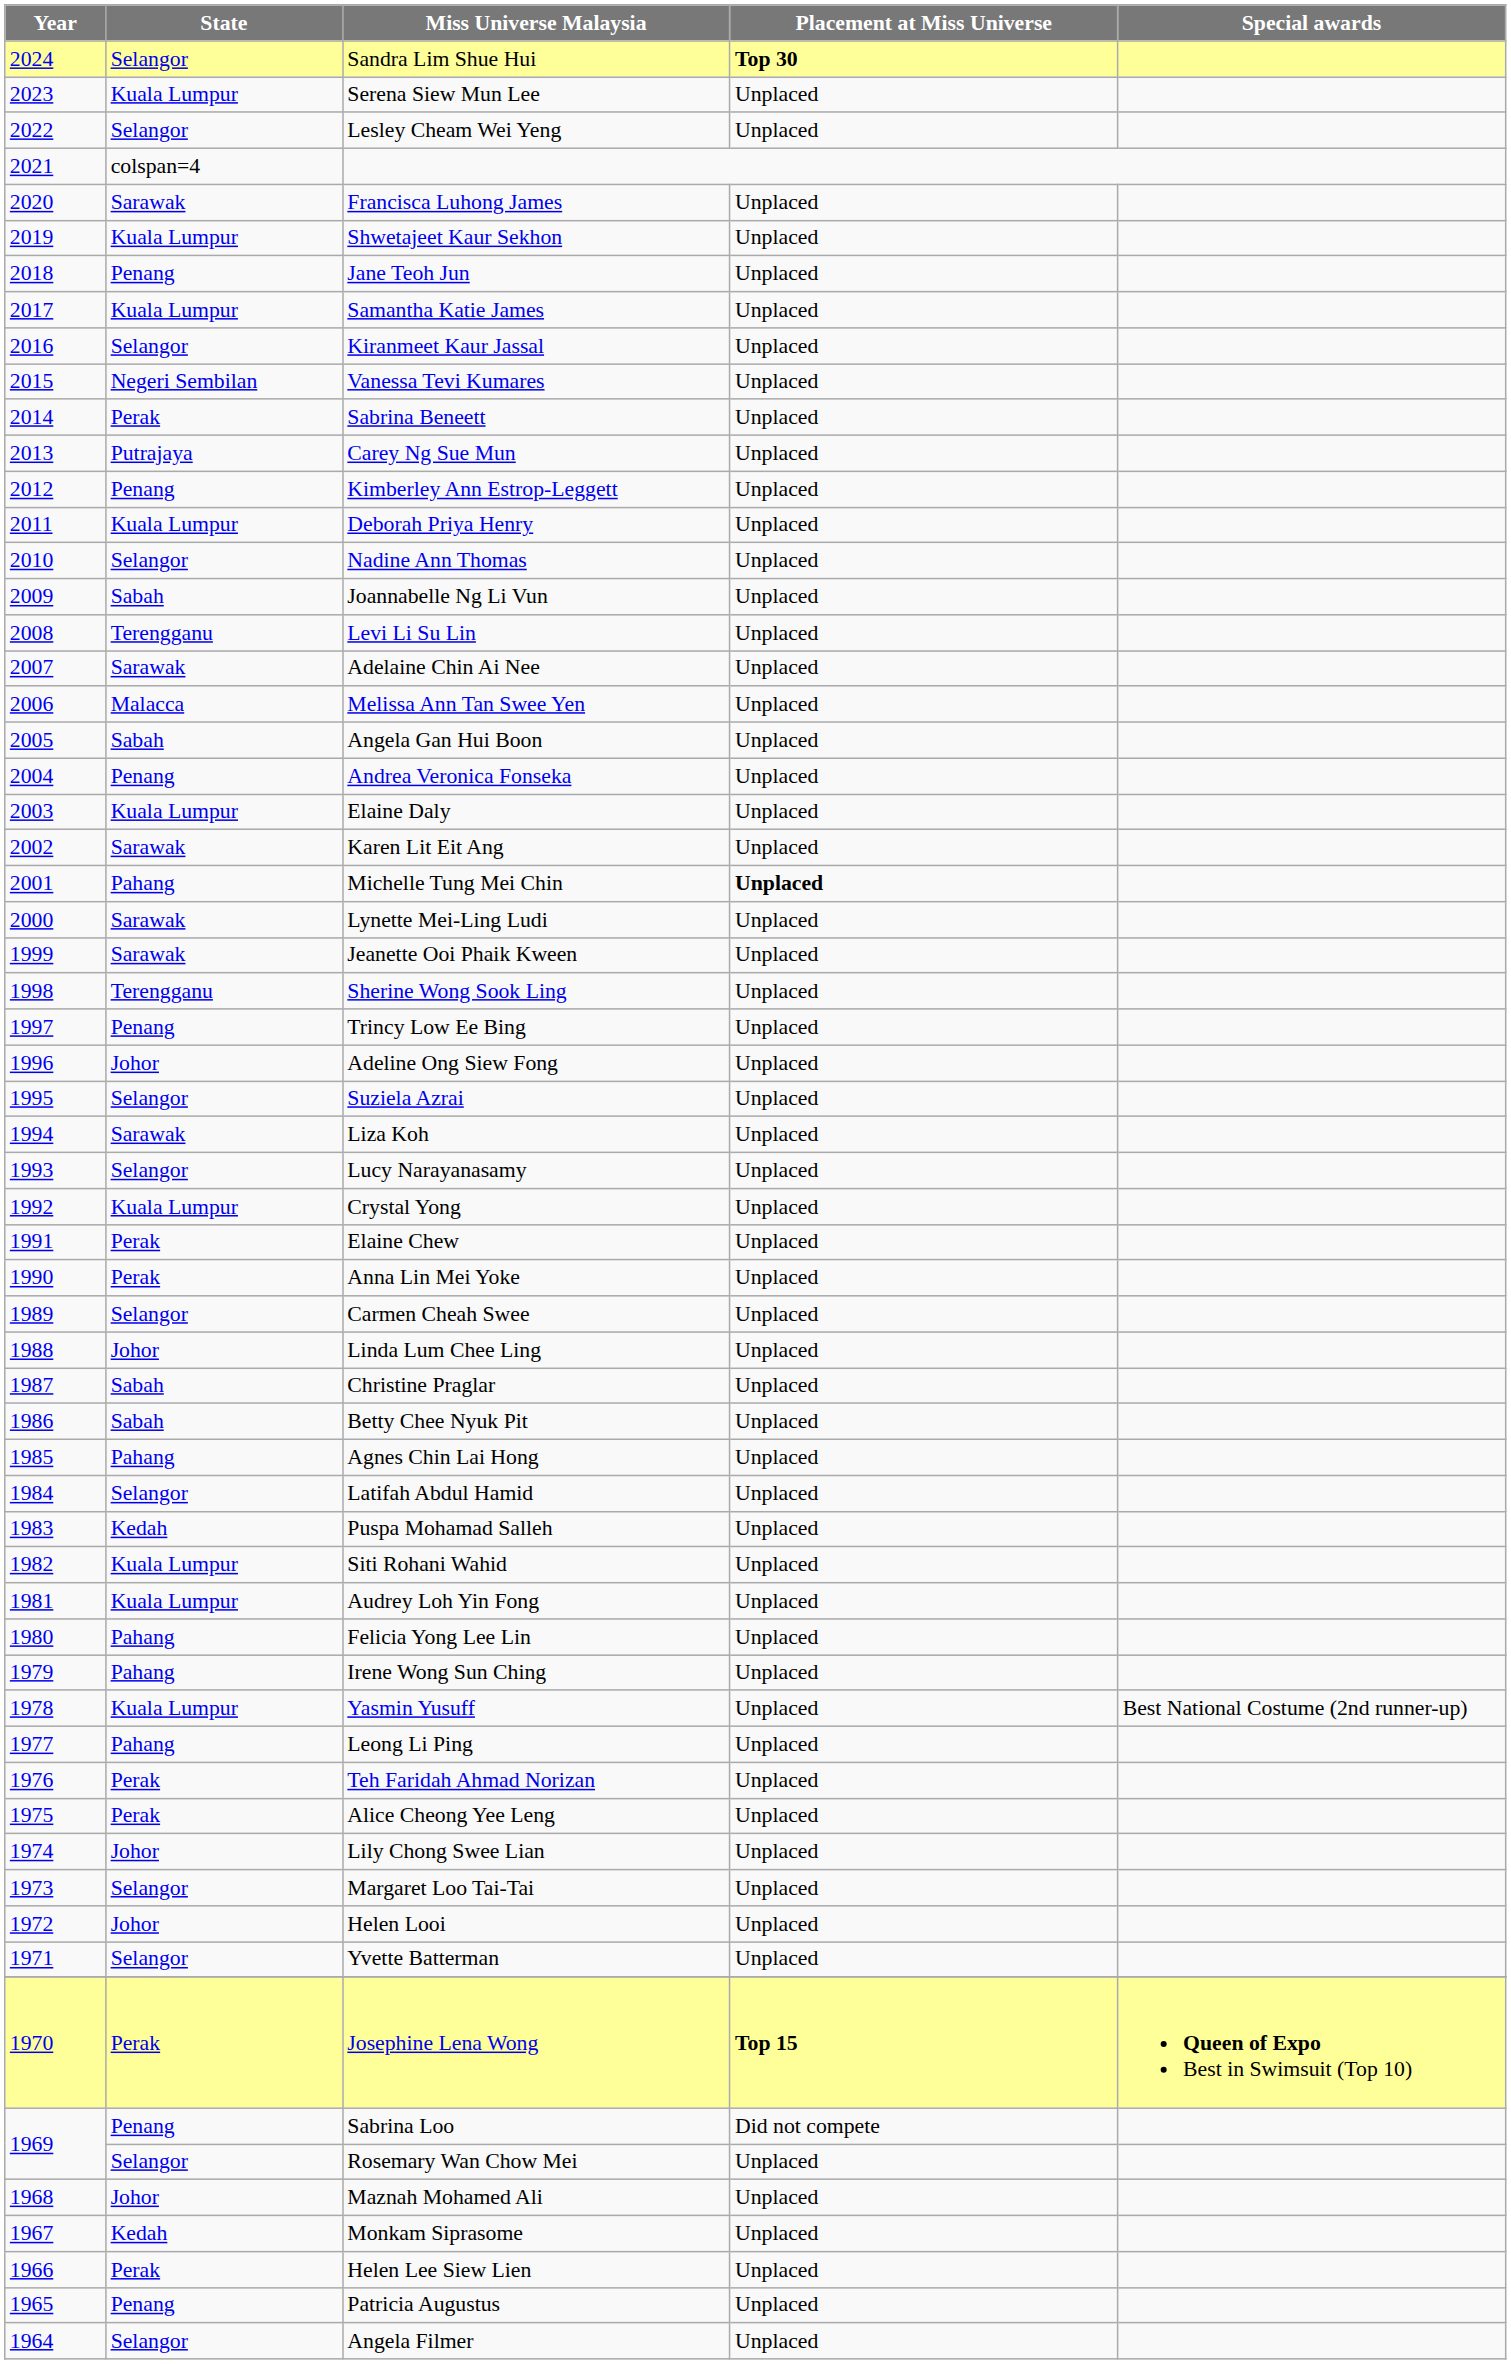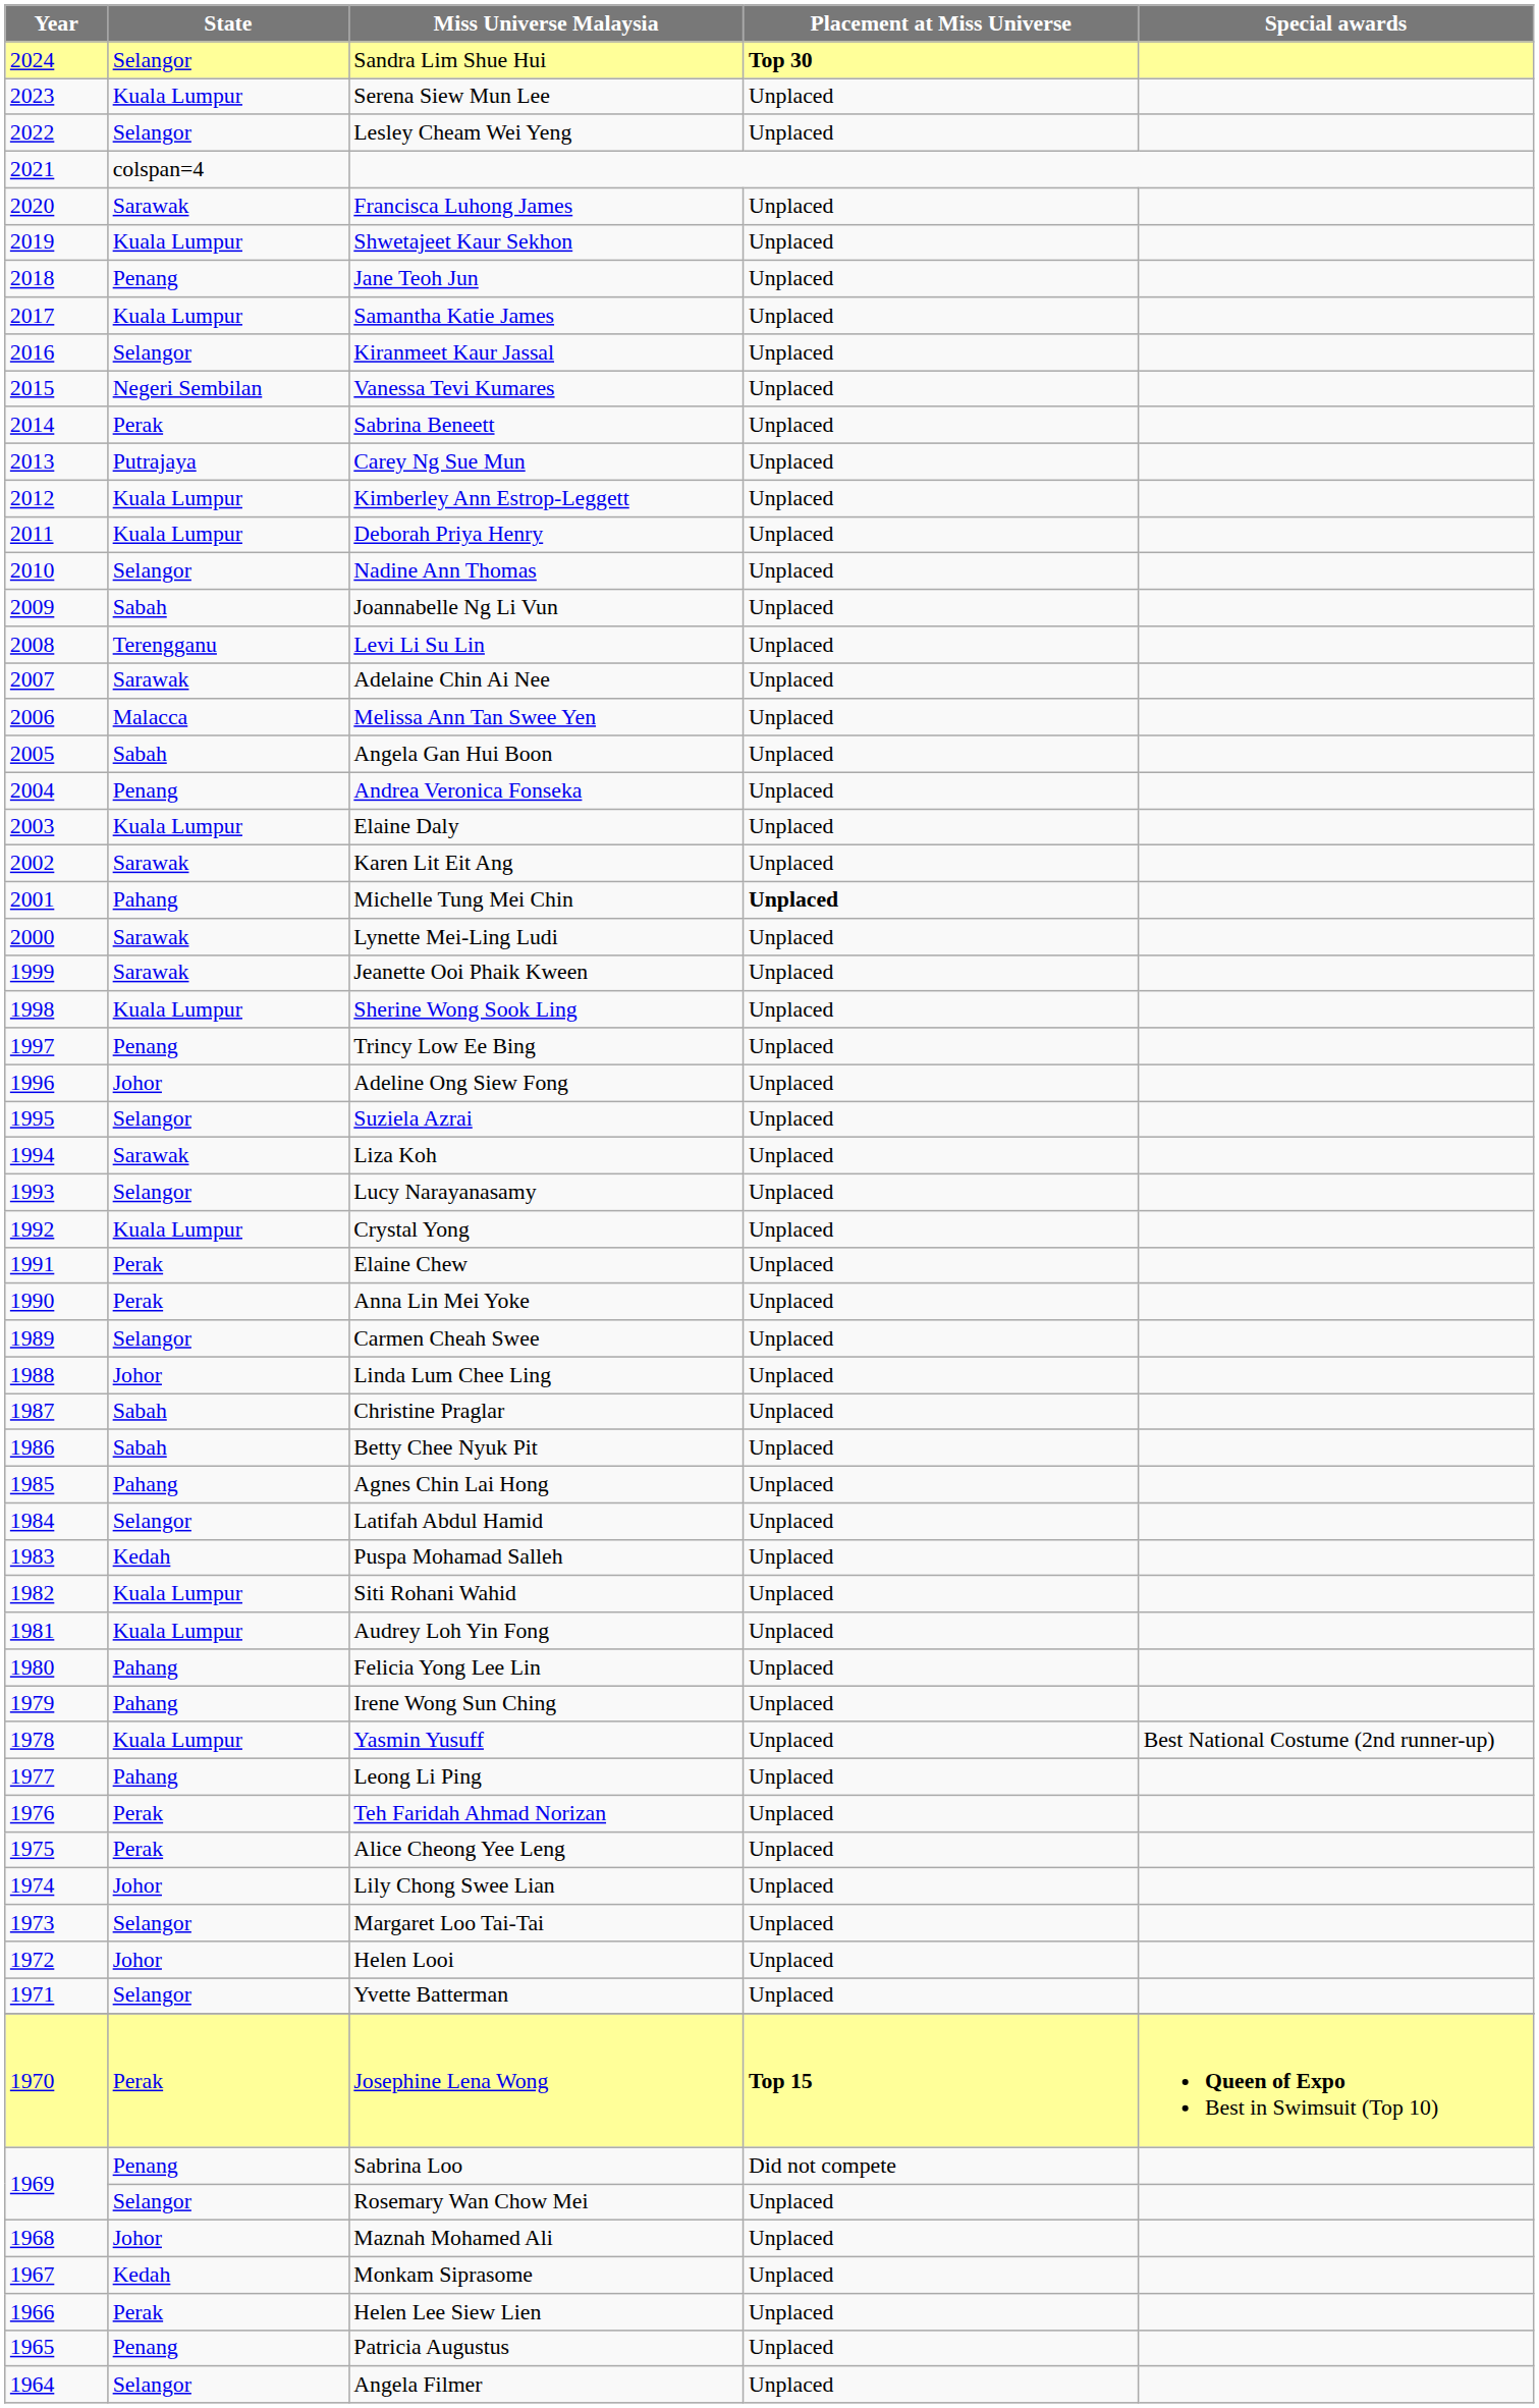 <table class="wikitable" style="font-size: 90%;">
 <tr>
 <th width="60" style="background-color:#787878;color:#FFFFFF;">Year</th>
 <th width="150" style="background-color:#787878;color:#FFFFFF;">State</th>
 <th width="250" style="background-color:#787878;color:#FFFFFF;">Miss Universe Malaysia</th>
 <th width="250" style="background-color:#787878;color:#FFFFFF;">Placement at Miss Universe</th>
 <th width="250" style="background-color:#787878;color:#FFFFFF;">Special awards</th>
 </tr>
 <tr style="background-color:#FFFF99; ">
 <td><a href='#'>2024</a></td>
 <td><a href='#'>Selangor</a></td>
 <td>Sandra Lim Shue Hui</td>
 <td><strong>Top 30</strong></td>
 <td></td>
 </tr>
 <tr>
 <td><a href='#'>2023</a></td>
 <td><a href='#'>Kuala Lumpur</a></td>
 <td>Serena Siew Mun Lee</td>
 <td>Unplaced</td>
 <td></td>
 </tr>
 <tr>
 <td><a href='#'>2022</a></td>
 <td><a href='#'>Selangor</a></td>
 <td>Lesley Cheam Wei Yeng</td>
 <td>Unplaced</td>
 <td></td>
 </tr>
 <tr>
 <td><a href='#'>2021</a></td>
 <td>colspan=4 </td>
 </tr>
 <tr>
 <td><a href='#'>2020</a></td>
 <td><a href='#'>Sarawak</a></td>
 <td><a href='#'>Francisca Luhong James</a></td>
 <td>Unplaced</td>
 <td></td>
 </tr>
 <tr>
 <td><a href='#'>2019</a></td>
 <td><a href='#'>Kuala Lumpur</a></td>
 <td><a href='#'>Shwetajeet Kaur Sekhon</a></td>
 <td>Unplaced</td>
 <td></td>
 </tr>
 <tr>
 <td><a href='#'>2018</a></td>
 <td><a href='#'>Penang</a></td>
 <td><a href='#'>Jane Teoh Jun</a></td>
 <td>Unplaced</td>
 <td></td>
 </tr>
 <tr>
 <td><a href='#'>2017</a></td>
 <td><a href='#'>Kuala Lumpur</a></td>
 <td><a href='#'>Samantha Katie James</a></td>
 <td>Unplaced</td>
 <td></td>
 </tr>
 <tr>
 <td><a href='#'>2016</a></td>
 <td><a href='#'>Selangor</a></td>
 <td><a href='#'>Kiranmeet Kaur Jassal</a></td>
 <td>Unplaced</td>
 <td></td>
 </tr>
 <tr>
 <td><a href='#'>2015</a></td>
 <td><a href='#'>Negeri Sembilan</a></td>
 <td><a href='#'>Vanessa Tevi Kumares</a></td>
 <td>Unplaced</td>
 <td></td>
 </tr>
 <tr>
 <td><a href='#'>2014</a></td>
 <td><a href='#'>Perak</a></td>
 <td><a href='#'>Sabrina Beneett</a></td>
 <td>Unplaced</td>
 <td></td>
 </tr>
 <tr>
 <td><a href='#'>2013</a></td>
 <td><a href='#'>Putrajaya</a></td>
 <td><a href='#'>Carey Ng Sue Mun</a></td>
 <td>Unplaced</td>
 <td></td>
 </tr>
 <tr>
 <td><a href='#'>2012</a></td>
-<td><a href='#'>Penang</a></td>
+<td><a href='#'>Kuala Lumpur</a></td>
 <td><a href='#'>Kimberley Ann Estrop-Leggett</a></td>
 <td>Unplaced</td>
 <td></td>
 </tr>
 <tr>
 <td><a href='#'>2011</a></td>
 <td><a href='#'>Kuala Lumpur</a></td>
 <td><a href='#'>Deborah Priya Henry</a></td>
 <td>Unplaced</td>
 <td></td>
 </tr>
 <tr>
 <td><a href='#'>2010</a></td>
 <td><a href='#'>Selangor</a></td>
 <td><a href='#'>Nadine Ann Thomas</a></td>
 <td>Unplaced</td>
 <td></td>
 </tr>
 <tr>
 <td><a href='#'>2009</a></td>
 <td><a href='#'>Sabah</a></td>
 <td>Joannabelle Ng Li Vun</td>
 <td>Unplaced</td>
 <td></td>
 </tr>
 <tr>
 <td><a href='#'>2008</a></td>
 <td><a href='#'>Terengganu</a></td>
 <td><a href='#'>Levi Li Su Lin</a></td>
 <td>Unplaced</td>
 <td></td>
 </tr>
 <tr>
 <td><a href='#'>2007</a></td>
 <td><a href='#'>Sarawak</a></td>
 <td>Adelaine Chin Ai Nee</td>
 <td>Unplaced</td>
 <td></td>
 </tr>
 <tr>
 <td><a href='#'>2006</a></td>
 <td><a href='#'>Malacca</a></td>
 <td><a href='#'>Melissa Ann Tan Swee Yen</a></td>
 <td>Unplaced</td>
 <td></td>
 </tr>
 <tr>
 <td><a href='#'>2005</a></td>
 <td><a href='#'>Sabah</a></td>
 <td>Angela Gan Hui Boon</td>
 <td>Unplaced</td>
 <td></td>
 </tr>
 <tr>
 <td><a href='#'>2004</a></td>
 <td><a href='#'>Penang</a></td>
 <td><a href='#'>Andrea Veronica Fonseka</a></td>
 <td>Unplaced</td>
 <td></td>
 </tr>
 <tr>
 <td><a href='#'>2003</a></td>
 <td><a href='#'>Kuala Lumpur</a></td>
 <td>Elaine Daly</td>
 <td>Unplaced</td>
 <td></td>
 </tr>
 <tr>
 <td><a href='#'>2002</a></td>
 <td><a href='#'>Sarawak</a></td>
 <td>Karen Lit Eit Ang</td>
 <td>Unplaced</td>
 <td></td>
 </tr>
 <tr>
 <td><a href='#'>2001</a></td>
 <td><a href='#'>Pahang</a></td>
 <td>Michelle Tung Mei Chin</td>
 <td><strong>Unplaced</strong></td>
 <td></td>
 </tr>
 <tr>
 <td><a href='#'>2000</a></td>
 <td><a href='#'>Sarawak</a></td>
 <td>Lynette Mei-Ling Ludi</td>
 <td>Unplaced</td>
 <td></td>
 </tr>
 <tr>
 <td><a href='#'>1999</a></td>
 <td><a href='#'>Sarawak</a></td>
 <td>Jeanette Ooi Phaik Kween</td>
 <td>Unplaced</td>
 <td></td>
 </tr>
 <tr>
 <td><a href='#'>1998</a></td>
-<td><a href='#'>Terengganu</a></td>
+<td><a href='#'>Kuala Lumpur</a></td>
 <td><a href='#'>Sherine Wong Sook Ling</a></td>
 <td>Unplaced</td>
 <td></td>
 </tr>
 <tr>
 <td><a href='#'>1997</a></td>
 <td><a href='#'>Penang</a></td>
 <td>Trincy Low Ee Bing</td>
 <td>Unplaced</td>
 <td></td>
 </tr>
 <tr>
 <td><a href='#'>1996</a></td>
 <td><a href='#'>Johor</a></td>
 <td>Adeline Ong Siew Fong</td>
 <td>Unplaced</td>
 <td></td>
 </tr>
 <tr>
 <td><a href='#'>1995</a></td>
 <td><a href='#'>Selangor</a></td>
 <td><a href='#'>Suziela Azrai</a></td>
 <td>Unplaced</td>
 <td></td>
 </tr>
 <tr>
 <td><a href='#'>1994</a></td>
 <td><a href='#'>Sarawak</a></td>
 <td>Liza Koh</td>
 <td>Unplaced</td>
 <td></td>
 </tr>
 <tr>
 <td><a href='#'>1993</a></td>
 <td><a href='#'>Selangor</a></td>
 <td>Lucy Narayanasamy</td>
 <td>Unplaced</td>
 <td></td>
 </tr>
 <tr>
 <td><a href='#'>1992</a></td>
 <td><a href='#'>Kuala Lumpur</a></td>
 <td>Crystal Yong</td>
 <td>Unplaced</td>
 <td></td>
 </tr>
 <tr>
 <td><a href='#'>1991</a></td>
 <td><a href='#'>Perak</a></td>
 <td>Elaine Chew</td>
 <td>Unplaced</td>
 <td></td>
 </tr>
 <tr>
 <td><a href='#'>1990</a></td>
 <td><a href='#'>Perak</a></td>
 <td>Anna Lin Mei Yoke</td>
 <td>Unplaced</td>
 <td></td>
 </tr>
 <tr>
 <td><a href='#'>1989</a></td>
 <td><a href='#'>Selangor</a></td>
 <td>Carmen Cheah Swee</td>
 <td>Unplaced</td>
 <td></td>
 </tr>
 <tr>
 <td><a href='#'>1988</a></td>
 <td><a href='#'>Johor</a></td>
 <td>Linda Lum Chee Ling</td>
 <td>Unplaced</td>
 <td></td>
 </tr>
 <tr>
 <td><a href='#'>1987</a></td>
 <td><a href='#'>Sabah</a></td>
 <td>Christine Praglar</td>
 <td>Unplaced</td>
 <td></td>
 </tr>
 <tr>
 <td><a href='#'>1986</a></td>
 <td><a href='#'>Sabah</a></td>
 <td>Betty Chee Nyuk Pit</td>
 <td>Unplaced</td>
 <td></td>
 </tr>
 <tr>
 <td><a href='#'>1985</a></td>
 <td><a href='#'>Pahang</a></td>
 <td>Agnes Chin Lai Hong</td>
 <td>Unplaced</td>
 <td></td>
 </tr>
 <tr>
 <td><a href='#'>1984</a></td>
 <td><a href='#'>Selangor</a></td>
 <td>Latifah Abdul Hamid</td>
 <td>Unplaced</td>
 <td></td>
 </tr>
 <tr>
 <td><a href='#'>1983</a></td>
 <td><a href='#'>Kedah</a></td>
 <td>Puspa Mohamad Salleh</td>
 <td>Unplaced</td>
 <td></td>
 </tr>
 <tr>
 <td><a href='#'>1982</a></td>
 <td><a href='#'>Kuala Lumpur</a></td>
 <td>Siti Rohani Wahid</td>
 <td>Unplaced</td>
 <td></td>
 </tr>
 <tr>
 <td><a href='#'>1981</a></td>
 <td><a href='#'>Kuala Lumpur</a></td>
 <td>Audrey Loh Yin Fong</td>
 <td>Unplaced</td>
 <td></td>
 </tr>
 <tr>
 <td><a href='#'>1980</a></td>
 <td><a href='#'>Pahang</a></td>
 <td>Felicia Yong Lee Lin</td>
 <td>Unplaced</td>
 <td></td>
 </tr>
 <tr>
 <td><a href='#'>1979</a></td>
 <td><a href='#'>Pahang</a></td>
 <td>Irene Wong Sun Ching</td>
 <td>Unplaced</td>
 <td></td>
 </tr>
 <tr>
 <td><a href='#'>1978</a></td>
 <td><a href='#'>Kuala Lumpur</a></td>
 <td><a href='#'>Yasmin Yusuff</a></td>
 <td>Unplaced</td>
 <td>Best National Costume (2nd runner-up)</td>
 </tr>
 <tr>
 <td><a href='#'>1977</a></td>
 <td><a href='#'>Pahang</a></td>
 <td>Leong Li Ping</td>
 <td>Unplaced</td>
 <td></td>
 </tr>
 <tr>
 <td><a href='#'>1976</a></td>
 <td><a href='#'>Perak</a></td>
 <td><a href='#'>Teh Faridah Ahmad Norizan</a></td>
 <td>Unplaced</td>
 <td></td>
 </tr>
 <tr>
 <td><a href='#'>1975</a></td>
 <td><a href='#'>Perak</a></td>
 <td>Alice Cheong Yee Leng</td>
 <td>Unplaced</td>
 <td></td>
 </tr>
 <tr>
 <td><a href='#'>1974</a></td>
 <td><a href='#'>Johor</a></td>
 <td>Lily Chong Swee Lian</td>
 <td>Unplaced</td>
 <td></td>
 </tr>
 <tr>
 <td><a href='#'>1973</a></td>
 <td><a href='#'>Selangor</a></td>
 <td>Margaret Loo Tai-Tai</td>
 <td>Unplaced</td>
 <td></td>
 </tr>
 <tr>
 <td><a href='#'>1972</a></td>
 <td><a href='#'>Johor</a></td>
 <td>Helen Looi</td>
 <td>Unplaced</td>
 <td></td>
 </tr>
 <tr>
 <td><a href='#'>1971</a></td>
 <td><a href='#'>Selangor</a></td>
 <td>Yvette Batterman</td>
 <td>Unplaced</td>
 <td></td>
 </tr>
 <tr>
 </tr>
 <tr style="background-color:#FFFF99; ">
 <td><a href='#'>1970</a></td>
 <td><a href='#'>Perak</a></td>
 <td><a href='#'>Josephine Lena Wong</a></td>
 <td><strong>Top 15</strong></td>
 <td><br><ul><li><strong>Queen of Expo</strong></li><li>Best in Swimsuit (Top 10)</li></ul></td>
 </tr>
 <tr>
 <td rowspan="2"><a href='#'>1969</a></td>
 <td><a href='#'>Penang</a></td>
 <td>Sabrina Loo</td>
 <td>Did not compete</td>
 <td></td>
 </tr>
 <tr>
 <td><a href='#'>Selangor</a></td>
 <td>Rosemary Wan Chow Mei</td>
 <td>Unplaced</td>
 <td></td>
 </tr>
 <tr>
 <td><a href='#'>1968</a></td>
 <td><a href='#'>Johor</a></td>
 <td>Maznah Mohamed Ali</td>
 <td>Unplaced</td>
 <td></td>
 </tr>
 <tr>
 <td><a href='#'>1967</a></td>
 <td><a href='#'>Kedah</a></td>
 <td>Monkam Siprasome</td>
 <td>Unplaced</td>
 <td></td>
 </tr>
 <tr>
 <td><a href='#'>1966</a></td>
 <td><a href='#'>Perak</a></td>
 <td>Helen Lee Siew Lien</td>
 <td>Unplaced</td>
 <td></td>
 </tr>
 <tr>
 <td><a href='#'>1965</a></td>
 <td><a href='#'>Penang</a></td>
 <td>Patricia Augustus</td>
 <td>Unplaced</td>
 <td></td>
 </tr>
 <tr>
 <td><a href='#'>1964</a></td>
 <td><a href='#'>Selangor</a></td>
 <td>Angela Filmer</td>
 <td>Unplaced</td>
 <td></td>
 </tr>
 </table>
